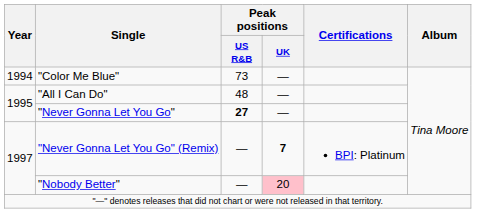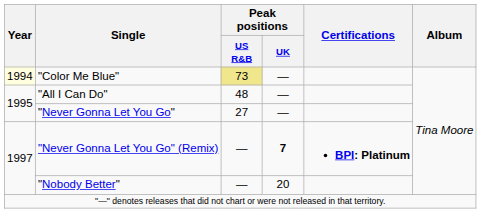 <table class="wikitable">
 <tr>
 <th align="center" rowspan="2">Year</th>
 <th align="center" rowspan="2">Single</th>
 <th align="center" colspan="2">Peak positions</th>
 <th align="center" rowspan="2"><a href='#'>Certifications</a></th>
 <th align="center" rowspan="2">Album</th>
 </tr>
 <tr>
 <th width="50"><small><a href='#'>US<br>R&B</a></small><br></th>
 <th width="50"><small><a href='#'>UK</a></small><br></th>
 </tr>
 <tr>
-<td align="center">1994</td>
+<td align="center" style="background: lightyellow;">1994</td>
 <td align="left">"Color Me Blue"</td>
-<td align="center">73</td>
+<td align="center" style="background: khaki;">73</td>
 <td align="center">—</td>
 <td></td>
 <td rowspan="5"><em>Tina Moore</em></td>
 </tr>
 <tr>
 <td align="center" rowspan="2">1995</td>
 <td align="left">"All I Can Do"</td>
 <td align="center">48</td>
 <td align="center">—</td>
 <td></td>
 </tr>
 <tr>
 <td align="left">"<a href='#'>Never Gonna Let You Go</a>"</td>
-<td align="center"><strong>27</strong></td>
+<td align="center">27</td>
 <td align="center">—</td>
 <td></td>
 </tr>
 <tr>
 <td align="center" rowspan="2">1997</td>
 <td align="left"><a href='#'>"Never Gonna Let You Go" (Remix)</a></td>
 <td align="center">—</td>
 <td align="center"><strong>7</strong></td>
-<td><br><ul><li><a href='#'>BPI</a>: Platinum</li></ul></td>
+<td><strong><br><ul><li><a href='#'>BPI</a>: Platinum</li></ul></strong></td>
 </tr>
 <tr>
 <td align="left">"<a href='#'>Nobody Better</a>"</td>
 <td align="center">—</td>
-<td align="center" style="background: pink;">20</td>
+<td align="center">20</td>
 <td></td>
 </tr>
 <tr>
 <td colspan="7" style="text-align:center; font-size:9pt;">"—" denotes releases that did not chart or were not released in that territory.</td>
 </tr>
 </table>
